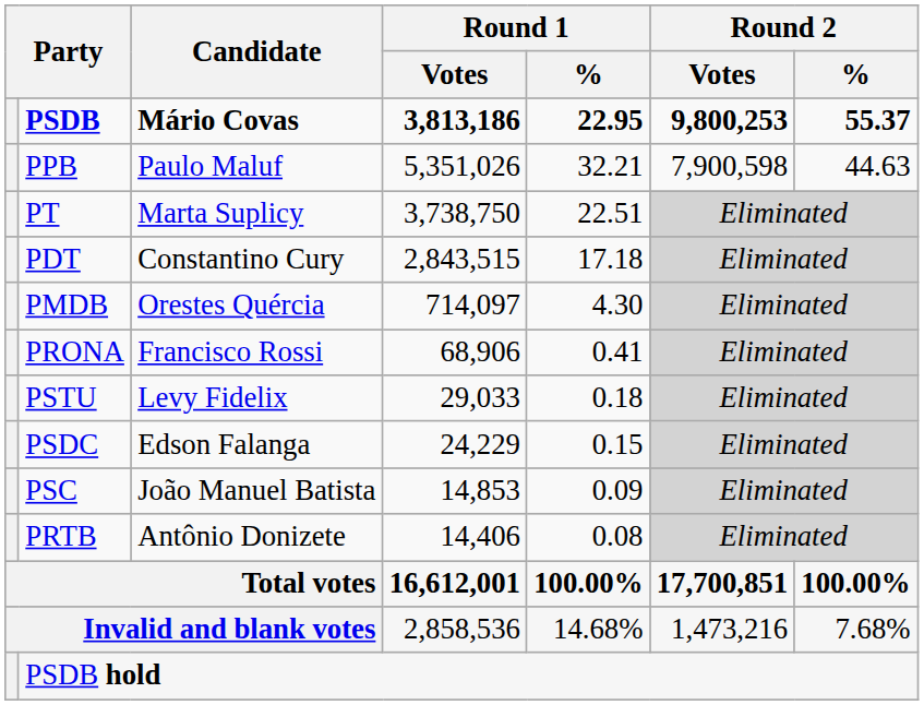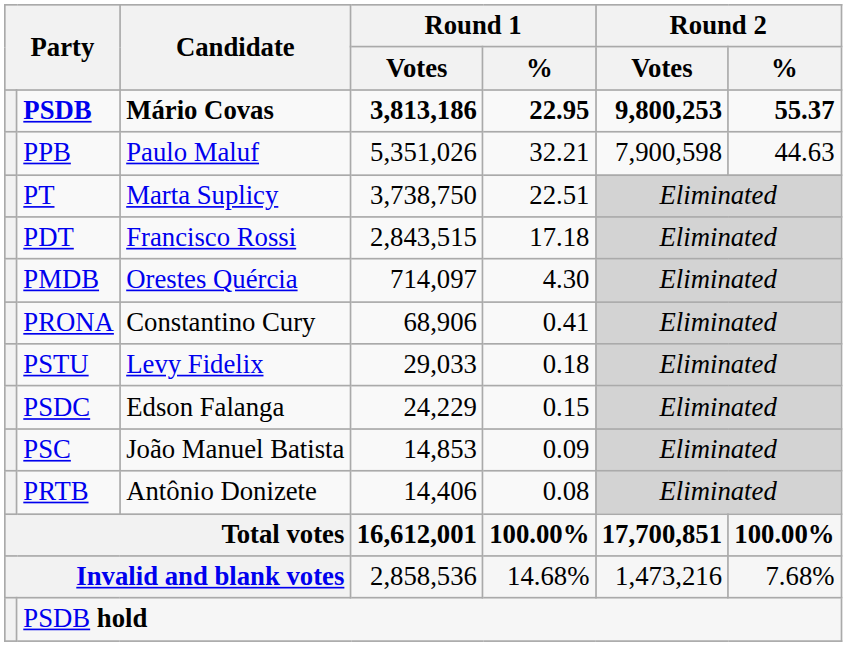 <table class="wikitable sortable" style="text-align:right">
 <tr>
 <th colspan=2 rowspan=2>Party</th>
 <th rowspan=2>Candidate</th>
 <th colspan=2>Round 1</th>
 <th colspan=2>Round 2</th>
 </tr>
 <tr>
 <th>Votes</th>
 <th>%</th>
 <th>Votes</th>
 <th>%</th>
 </tr>
 <tr>
 <th style="background-color:"></th>
 <td style="text-align:left"><strong><a href='#'>PSDB</a></strong></td>
 <td style="text-align:left"><strong>Mário Covas</strong></td>
 <td><strong>3,813,186</strong></td>
 <td><strong>22.95</strong></td>
 <td><strong>9,800,253</strong></td>
 <td><strong>55.37</strong></td>
 </tr>
 <tr>
 <th style="background-color:"></th>
 <td style="text-align:left"><a href='#'>PPB</a></td>
 <td style="text-align:left"><a href='#'>Paulo Maluf</a></td>
 <td>5,351,026</td>
 <td>32.21</td>
 <td>7,900,598</td>
 <td>44.63</td>
 </tr>
 <tr>
 <th style="background-color:"></th>
 <td style="text-align:left"><a href='#'>PT</a></td>
 <td style="text-align:left"><a href='#'>Marta Suplicy</a></td>
 <td>3,738,750</td>
 <td>22.51</td>
 <td colspan="2"  style="background:lightgrey; text-align:center;"><em>Eliminated</em></td>
 </tr>
 <tr>
 <th style="background-color:"></th>
 <td style="text-align:left"><a href='#'>PDT</a></td>
-<td style="text-align:left">Constantino Cury</td>
+<td style="text-align:left"><a href='#'>Francisco Rossi</a></td>
 <td>2,843,515</td>
 <td>17.18</td>
 <td colspan="2"  style="background:lightgrey; text-align:center;"><em>Eliminated</em></td>
 </tr>
 <tr>
 <th style="background-color:"></th>
 <td style="text-align:left"><a href='#'>PMDB</a></td>
 <td style="text-align:left"><a href='#'>Orestes Quércia</a></td>
 <td>714,097</td>
 <td>4.30</td>
 <td colspan="2"  style="background:lightgrey; text-align:center;"><em>Eliminated</em></td>
 </tr>
 <tr>
 <th style="background-color:"></th>
 <td style="text-align:left"><a href='#'>PRONA</a></td>
-<td style="text-align:left"><a href='#'>Francisco Rossi</a></td>
+<td style="text-align:left">Constantino Cury</td>
 <td>68,906</td>
 <td>0.41</td>
 <td colspan="2"  style="background:lightgrey; text-align:center;"><em>Eliminated</em></td>
 </tr>
 <tr>
 <th style="background-color:"></th>
 <td style="text-align:left"><a href='#'>PSTU</a></td>
 <td style="text-align:left"><a href='#'>Levy Fidelix</a></td>
 <td>29,033</td>
 <td>0.18</td>
 <td colspan="2"  style="background:lightgrey; text-align:center;"><em>Eliminated</em></td>
 </tr>
 <tr>
 <th style="background-color:"></th>
 <td style="text-align:left"><a href='#'>PSDC</a></td>
 <td style="text-align:left">Edson Falanga</td>
 <td>24,229</td>
 <td>0.15</td>
 <td colspan="2"  style="background:lightgrey; text-align:center;"><em>Eliminated</em></td>
 </tr>
 <tr>
 <th style="background-color:"></th>
 <td style="text-align:left"><a href='#'>PSC</a></td>
 <td style="text-align:left">João Manuel Batista</td>
 <td>14,853</td>
 <td>0.09</td>
 <td colspan="2"  style="background:lightgrey; text-align:center;"><em>Eliminated</em></td>
 </tr>
 <tr>
 <th style="background-color:"></th>
 <td style="text-align:left"><a href='#'>PRTB</a></td>
 <td style="text-align:left">Antônio Donizete</td>
 <td>14,406</td>
 <td>0.08</td>
 <td colspan="2"  style="background:lightgrey; text-align:center;"><em>Eliminated</em></td>
 </tr>
 <tr class="sortbottom" style="background:#f6f6f6;">
 <th colspan=3 scope="row" style="text-align:right;">Total votes</th>
 <td><strong>16,612,001</strong></td>
 <td><strong>100.00%</strong></td>
 <td><strong>17,700,851</strong></td>
 <td><strong>100.00%</strong></td>
 </tr>
 <tr class="sortbottom" style="background:#f6f6f6;">
 <th colspan=3 scope="row" style="text-align:right;"><a href='#'>Invalid and blank votes</a></th>
 <td>2,858,536</td>
 <td>14.68%</td>
 <td>1,473,216</td>
 <td>7.68%</td>
 </tr>
 <tr class="sortbottom" style="background:#f6f6f6;">
 <th style="background-color:"></th>
 <td style="text-align:left" colspan=6><a href='#'>PSDB</a> <strong>hold</strong></td>
 </tr>
 </table>
